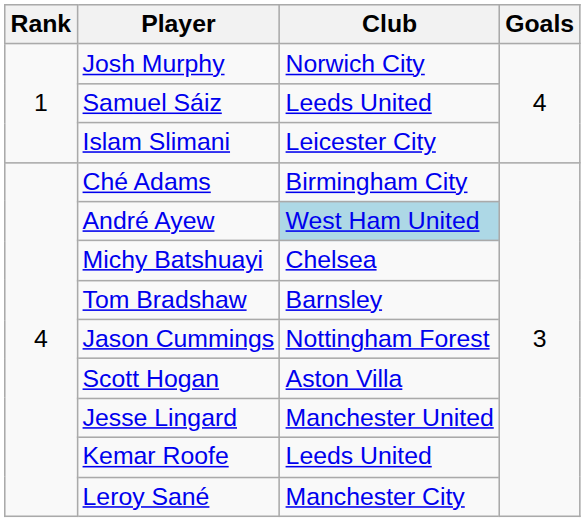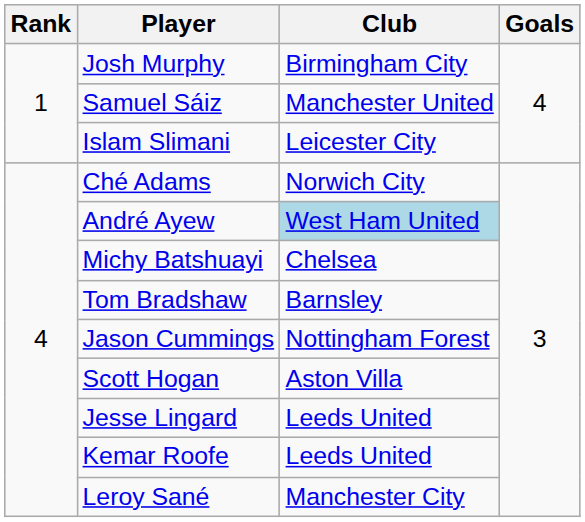 <table class="wikitable sortable" style="text-align:center">
 <tr>
 <th>Rank</th>
 <th>Player</th>
 <th>Club</th>
 <th>Goals</th>
 </tr>
 <tr>
 <td rowspan="3">1</td>
 <td align="left"> <a href='#'>Josh Murphy</a></td>
-<td align="left"><a href='#'>Norwich City</a></td>
+<td align="left"><a href='#'>Birmingham City</a></td>
 <td rowspan="3">4</td>
 </tr>
 <tr>
 <td align="left"> <a href='#'>Samuel Sáiz</a></td>
-<td align="left"><a href='#'>Leeds United</a></td>
+<td align="left"><a href='#'>Manchester United</a></td>
 </tr>
 <tr>
 <td align="left"> <a href='#'>Islam Slimani</a></td>
 <td align="left"><a href='#'>Leicester City</a></td>
 </tr>
 <tr>
 <td rowspan="9">4</td>
 <td align="left"> <a href='#'>Ché Adams</a></td>
-<td align="left"><a href='#'>Birmingham City</a></td>
+<td align="left"><a href='#'>Norwich City</a></td>
 <td rowspan="9">3</td>
 </tr>
 <tr>
 <td align="left"> <a href='#'>André Ayew</a></td>
 <td align="left" style="background: lightblue;"><a href='#'>West Ham United</a></td>
 </tr>
 <tr>
 <td align="left"> <a href='#'>Michy Batshuayi</a></td>
 <td align="left"><a href='#'>Chelsea</a></td>
 </tr>
 <tr>
 <td align="left"> <a href='#'>Tom Bradshaw</a></td>
 <td align="left"><a href='#'>Barnsley</a></td>
 </tr>
 <tr>
 <td align="left"> <a href='#'>Jason Cummings</a></td>
 <td align="left"><a href='#'>Nottingham Forest</a></td>
 </tr>
 <tr>
 <td align="left"> <a href='#'>Scott Hogan</a></td>
 <td align="left"><a href='#'>Aston Villa</a></td>
 </tr>
 <tr>
 <td align="left"> <a href='#'>Jesse Lingard</a></td>
-<td align="left"><a href='#'>Manchester United</a></td>
+<td align="left"><a href='#'>Leeds United</a></td>
 </tr>
 <tr>
 <td align="left"> <a href='#'>Kemar Roofe</a></td>
 <td align="left"><a href='#'>Leeds United</a></td>
 </tr>
 <tr>
 <td align="left"> <a href='#'>Leroy Sané</a></td>
 <td align="left"><a href='#'>Manchester City</a></td>
 </tr>
 </table>
